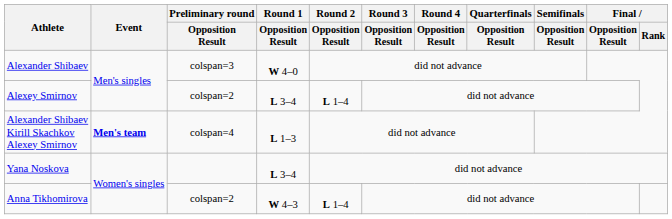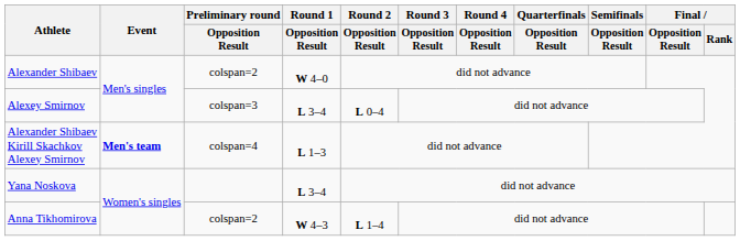 <table class="wikitable" style="font-size:90%">
 <tr>
 <th rowspan="2">Athlete</th>
 <th rowspan="2">Event</th>
 <th>Preliminary round</th>
 <th>Round 1</th>
 <th>Round 2</th>
 <th>Round 3</th>
 <th>Round 4</th>
 <th>Quarterfinals</th>
 <th>Semifinals</th>
 <th colspan=2>Final / </th>
 </tr>
 <tr style="font-size:95%">
 <th>Opposition<br>Result</th>
 <th>Opposition<br>Result</th>
 <th>Opposition<br>Result</th>
 <th>Opposition<br>Result</th>
 <th>Opposition<br>Result</th>
 <th>Opposition<br>Result</th>
 <th>Opposition<br>Result</th>
 <th>Opposition<br>Result</th>
 <th>Rank</th>
 </tr>
 <tr align=center>
 <td align=left><a href='#'>Alexander Shibaev</a></td>
 <td align=left rowspan=2><a href='#'>Men's singles</a></td>
-<td>colspan=3 </td>
+<td>colspan=2 </td>
 <td><br><strong>W</strong> 4–0</td>
 <td colspan=5>did not advance</td>
 </tr>
 <tr align=center>
 <td align=left><a href='#'>Alexey Smirnov</a></td>
-<td>colspan=2 </td>
+<td>colspan=3 </td>
 <td><br><strong>L</strong> 3–4</td>
-<td><br><strong>L</strong> 1–4</td>
+<td><br><strong>L</strong> 0–4</td>
 <td colspan=5>did not advance</td>
 </tr>
 <tr align=center>
 <td align=left><a href='#'>Alexander Shibaev</a><br><a href='#'>Kirill Skachkov</a><br><a href='#'>Alexey Smirnov</a></td>
 <td align=left><strong><a href='#'>Men's team</a></strong></td>
 <td>colspan=4 </td>
 <td><br><strong>L</strong> 1–3</td>
 <td colspan=4>did not advance</td>
 </tr>
 <tr align=center>
 <td align=left><a href='#'>Yana Noskova</a></td>
 <td align=left rowspan=2><a href='#'>Women's singles</a></td>
 <td></td>
 <td><br><strong>L</strong> 3–4</td>
 <td colspan=7>did not advance</td>
 </tr>
 <tr align=center>
 <td align=left><a href='#'>Anna Tikhomirova</a></td>
 <td>colspan=2 </td>
 <td><br><strong>W</strong> 4–3</td>
 <td><br><strong>L</strong> 1–4</td>
 <td colspan=5>did not advance</td>
 </tr>
 </table>
